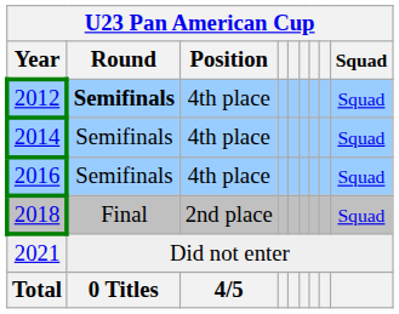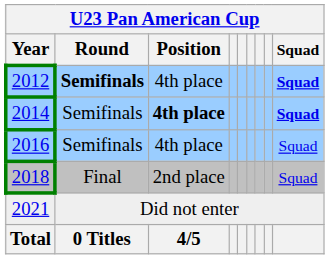 <table class="wikitable" style="text-align: center;">
 <tr>
 <th colspan=9><a href='#'>U23 Pan American Cup</a></th>
 </tr>
 <tr>
 <th>Year</th>
 <th>Round</th>
 <th>Position</th>
 <th></th>
 <th></th>
 <th></th>
 <th></th>
 <th></th>
 <th><small>Squad</small></th>
 </tr>
 <tr bgcolor=9acdff>
 <td style="border:3px solid green"> <a href='#'>2012</a></td>
 <td><strong>Semifinals</strong></td>
 <td>4th place</td>
 <td></td>
 <td></td>
 <td></td>
 <td></td>
 <td></td>
-<td><small><a href='#'>Squad</a></small></td>
+<td><strong><small><a href='#'>Squad</a></small></strong></td>
 </tr>
 <tr bgcolor=9acdff>
 <td style="border:3px solid green"> <a href='#'>2014</a></td>
 <td>Semifinals</td>
-<td>4th place</td>
+<td><strong>4th place</strong></td>
 <td></td>
 <td></td>
 <td></td>
 <td></td>
 <td></td>
-<td><small><a href='#'>Squad</a></small></td>
+<td><strong><small><a href='#'>Squad</a></small></strong></td>
 </tr>
 <tr bgcolor=9acdff>
 <td style="border:3px solid green"> <a href='#'>2016</a></td>
 <td>Semifinals</td>
 <td>4th place</td>
 <td></td>
 <td></td>
 <td></td>
 <td></td>
 <td></td>
 <td><small><a href='#'>Squad</a></small></td>
 </tr>
 <tr bgcolor=silver>
 <td style="border:3px solid green"> <a href='#'>2018</a></td>
 <td>Final</td>
 <td>2nd place</td>
 <td></td>
 <td></td>
 <td></td>
 <td></td>
 <td></td>
 <td><small><a href='#'>Squad</a></small></td>
 </tr>
 <tr bgcolor="efefef">
 <td> <a href='#'>2021</a></td>
 <td colspan=8 rowspan=1 align=center>Did not enter</td>
 </tr>
 <tr>
 <th>Total</th>
 <th>0 Titles</th>
 <th>4/5</th>
 <th></th>
 <th></th>
 <th></th>
 <th></th>
 <th></th>
 <th></th>
 </tr>
 </table>
